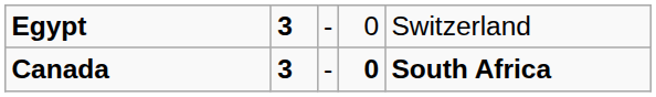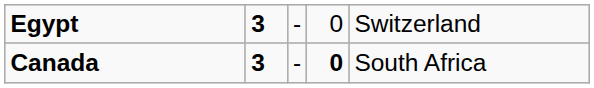 <table class="wikitable">
 <tr>
 <td width=150> <strong>Egypt</strong></td>
 <td style="width:20px; text-align:left;"><strong>3</strong></td>
 <td>-</td>
 <td style="width:20px; text-align:right;">0</td>
 <td width=150> Switzerland</td>
 </tr>
 <tr>
 <td> <strong>Canada</strong></td>
 <td style="text-align:left;"><strong>3</strong></td>
 <td>-</td>
 <td style="text-align:right;"><strong>0</strong></td>
-<td><strong> South Africa</strong></td>
+<td> South Africa</td>
 </tr>
 </table>
